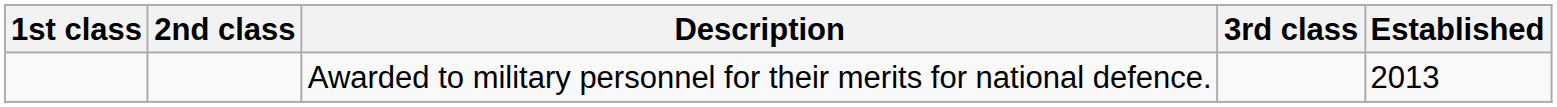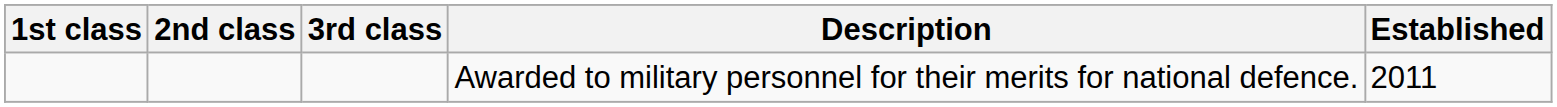 <table class="wikitable" style="font-size:85%;">
 <tr>
 <th><big>1st class</big></th>
 <th><big>2nd class</big></th>
+<th><big>3rd class</big></th>
 <th><big>Description</big></th>
-<th><big>3rd class</big></th>
 <th><big>Established</big></th>
 </tr>
 <tr>
 <td><big></big></td>
 <td><big></big></td>
+<td><big></big></td>
 <td><big>Awarded to military personnel for their merits for national defence.</big></td>
-<td><big></big></td>
-<td><big>2013</big></td>
+<td><big>2011</big></td>
 </tr>
 </table>
